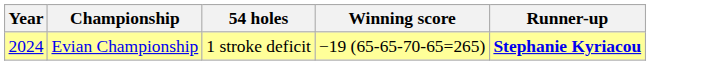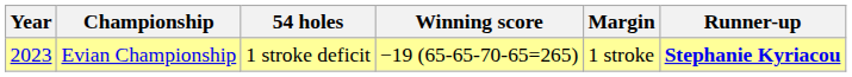 <table class="wikitable">
 <tr>
 <th>Year</th>
 <th>Championship</th>
 <th>54 holes</th>
 <th>Winning score</th>
+<th>Margin</th>
 <th>Runner-up</th>
 </tr>
 <tr style="background:#FFFF99">
-<td><a href='#'>2024</a></td>
+<td><a href='#'>2023</a></td>
 <td><a href='#'>Evian Championship</a></td>
 <td>1 stroke deficit</td>
 <td>−19 (65-65-70-65=265)</td>
+<td>1 stroke</td>
 <td><strong> <a href='#'>Stephanie Kyriacou</a></strong></td>
 </tr>
 </table>
